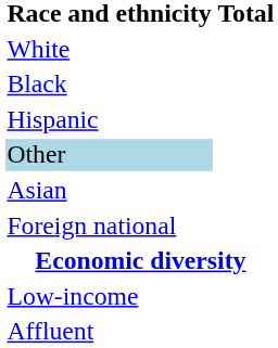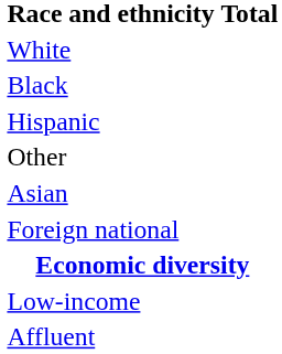 <table font-size:80%;">
 <tr>
 <th>Race and ethnicity</th>
 <th colspan="2" data-sort-type=number>Total</th>
 </tr>
 <tr>
 <td><a href='#'>White</a></td>
 <td align=right></td>
 </tr>
 <tr>
 <td><a href='#'>Black</a></td>
 <td align=right></td>
 </tr>
 <tr>
 <td><a href='#'>Hispanic</a></td>
 <td align=right></td>
 </tr>
 <tr>
-<td style="background: lightblue;">Other</td>
+<td>Other</td>
 <td align=right></td>
 </tr>
 <tr>
 <td><a href='#'>Asian</a></td>
 <td align=right></td>
 </tr>
 <tr>
 <td><a href='#'>Foreign national</a></td>
 <td align=right></td>
 </tr>
 <tr>
 <th colspan="4" data-sort-type=number><a href='#'>Economic diversity</a></th>
 </tr>
 <tr>
 <td><a href='#'>Low-income</a></td>
 <td align=right></td>
 </tr>
 <tr>
 <td><a href='#'>Affluent</a></td>
 <td align=right></td>
 </tr>
 </table>
